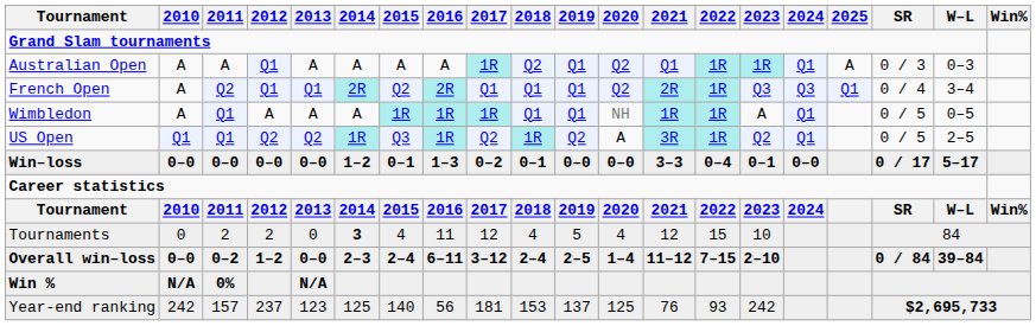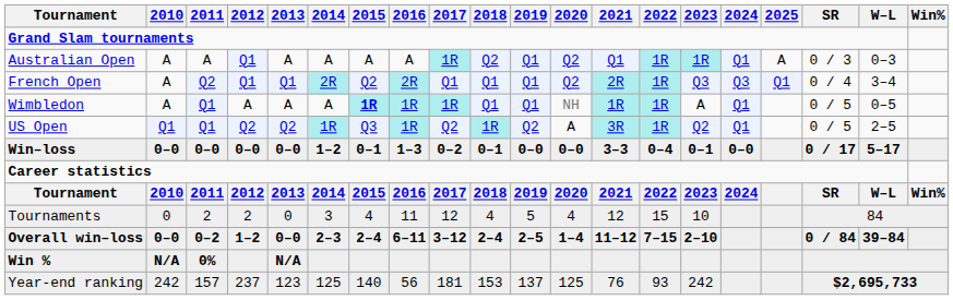 <table class=wikitable style=text-align:center;font-size:97%>
 <tr>
 <th>Tournament</th>
 <th><a href='#'>2010</a></th>
 <th><a href='#'>2011</a></th>
 <th><a href='#'>2012</a></th>
 <th><a href='#'>2013</a></th>
 <th><a href='#'>2014</a></th>
 <th><a href='#'>2015</a></th>
 <th><a href='#'>2016</a></th>
 <th><a href='#'>2017</a></th>
 <th><a href='#'>2018</a></th>
 <th><a href='#'>2019</a></th>
 <th><a href='#'>2020</a></th>
 <th><a href='#'>2021</a></th>
 <th><a href='#'>2022</a></th>
 <th><a href='#'>2023</a></th>
 <th><a href='#'>2024</a></th>
 <th><a href='#'>2025</a></th>
 <th>SR</th>
 <th>W–L</th>
 <th>Win%</th>
 </tr>
 <tr>
 <td colspan="19" style="text-align:left"><strong><a href='#'>Grand Slam tournaments</a></strong></td>
 </tr>
 <tr>
 <td align=left><a href='#'>Australian Open</a></td>
 <td>A</td>
 <td>A</td>
 <td bgcolor=ecf2ff><a href='#'>Q1</a></td>
 <td>A</td>
 <td>A</td>
 <td>A</td>
 <td>A</td>
 <td bgcolor=afeeee><a href='#'>1R</a></td>
 <td bgcolor=ecf2ff><a href='#'>Q2</a></td>
 <td bgcolor=ecf2ff><a href='#'>Q1</a></td>
 <td bgcolor=ecf2ff><a href='#'>Q2</a></td>
 <td bgcolor=ecf2ff><a href='#'>Q1</a></td>
 <td bgcolor=afeeee><a href='#'>1R</a></td>
 <td bgcolor=afeeee><a href='#'>1R</a></td>
 <td bgcolor=ecf2ff><a href='#'>Q1</a></td>
 <td>A</td>
 <td>0 / 3</td>
 <td>0–3</td>
 <td></td>
 </tr>
 <tr>
 <td align=left><a href='#'>French Open</a></td>
 <td>A</td>
 <td bgcolor=ecf2ff><a href='#'>Q2</a></td>
 <td bgcolor=ecf2ff><a href='#'>Q1</a></td>
 <td bgcolor=ecf2ff><a href='#'>Q1</a></td>
 <td bgcolor=afeeee><a href='#'>2R</a></td>
 <td bgcolor=ecf2ff><a href='#'>Q2</a></td>
 <td bgcolor=afeeee><a href='#'>2R</a></td>
 <td bgcolor=ecf2ff><a href='#'>Q1</a></td>
 <td bgcolor=ecf2ff><a href='#'>Q1</a></td>
 <td bgcolor=ecf2ff><a href='#'>Q1</a></td>
 <td bgcolor=ecf2ff><a href='#'>Q2</a></td>
 <td bgcolor=afeeee><a href='#'>2R</a></td>
 <td bgcolor=afeeee><a href='#'>1R</a></td>
 <td bgcolor=ecf2ff><a href='#'>Q3</a></td>
 <td bgcolor=ecf2ff><a href='#'>Q3</a></td>
 <td bgcolor=ecf2ff><a href='#'>Q1</a></td>
 <td>0 / 4</td>
 <td>3–4</td>
 <td></td>
 </tr>
 <tr>
 <td align=left><a href='#'>Wimbledon</a></td>
 <td>A</td>
 <td bgcolor=ecf2ff><a href='#'>Q1</a></td>
 <td>A</td>
 <td>A</td>
 <td>A</td>
-<td bgcolor=afeeee><a href='#'>1R</a></td>
+<td bgcolor=afeeee><strong><a href='#'>1R</a></strong></td>
 <td bgcolor=afeeee><a href='#'>1R</a></td>
 <td bgcolor=afeeee><a href='#'>1R</a></td>
 <td bgcolor=ecf2ff><a href='#'>Q1</a></td>
 <td bgcolor=ecf2ff><a href='#'>Q1</a></td>
 <td style=color:#767676>NH</td>
 <td bgcolor=afeeee><a href='#'>1R</a></td>
 <td bgcolor=afeeee><a href='#'>1R</a></td>
 <td>A</td>
 <td bgcolor=ecf2ff><a href='#'>Q1</a></td>
 <td></td>
 <td>0 / 5</td>
 <td>0–5</td>
 <td></td>
 </tr>
 <tr>
 <td align=left><a href='#'>US Open</a></td>
 <td bgcolor=ecf2ff><a href='#'>Q1</a></td>
 <td bgcolor=ecf2ff><a href='#'>Q1</a></td>
 <td bgcolor=ecf2ff><a href='#'>Q2</a></td>
 <td bgcolor=ecf2ff><a href='#'>Q2</a></td>
 <td bgcolor=afeeee><a href='#'>1R</a></td>
 <td bgcolor=ecf2ff><a href='#'>Q3</a></td>
 <td bgcolor=afeeee><a href='#'>1R</a></td>
 <td bgcolor=ecf2ff><a href='#'>Q2</a></td>
 <td bgcolor=afeeee><a href='#'>1R</a></td>
 <td bgcolor=ecf2ff><a href='#'>Q2</a></td>
 <td>A</td>
 <td bgcolor=afeeee><a href='#'>3R</a></td>
 <td bgcolor=afeeee><a href='#'>1R</a></td>
 <td bgcolor=ecf2ff><a href='#'>Q2</a></td>
 <td bgcolor=ecf2ff><a href='#'>Q1</a></td>
 <td></td>
 <td>0 / 5</td>
 <td>2–5</td>
 <td></td>
 </tr>
 <tr style=font-weight:bold;background:#efefef>
 <td style=text-align:left>Win–loss</td>
 <td>0–0</td>
 <td>0–0</td>
 <td>0–0</td>
 <td>0–0</td>
 <td>1–2</td>
 <td>0–1</td>
 <td>1–3</td>
 <td>0–2</td>
 <td>0–1</td>
 <td>0–0</td>
 <td>0–0</td>
 <td>3–3</td>
 <td>0–4</td>
 <td>0–1</td>
 <td>0–0</td>
 <td></td>
 <td>0 / 17</td>
 <td>5–17</td>
 <td></td>
 </tr>
 <tr>
 <td colspan="19" style="text-align:left"><strong>Career statistics</strong></td>
 </tr>
 <tr>
 <th>Tournament</th>
 <th><a href='#'>2010</a></th>
 <th><a href='#'>2011</a></th>
 <th><a href='#'>2012</a></th>
 <th><a href='#'>2013</a></th>
 <th><a href='#'>2014</a></th>
 <th><a href='#'>2015</a></th>
 <th><a href='#'>2016</a></th>
 <th><a href='#'>2017</a></th>
 <th><a href='#'>2018</a></th>
 <th><a href='#'>2019</a></th>
 <th><a href='#'>2020</a></th>
 <th><a href='#'>2021</a></th>
 <th><a href='#'>2022</a></th>
 <th><a href='#'>2023</a></th>
 <th><a href='#'>2024</a></th>
 <th></th>
 <th>SR</th>
 <th>W–L</th>
 <th>Win%</th>
 </tr>
 <tr bgcolor=efefef>
 <td align=left>Tournaments</td>
 <td>0</td>
 <td>2</td>
 <td>2</td>
 <td>0</td>
-<td><strong>3</strong></td>
+<td>3</td>
 <td>4</td>
 <td>11</td>
 <td>12</td>
 <td>4</td>
 <td>5</td>
 <td>4</td>
 <td>12</td>
 <td>15</td>
 <td>10</td>
 <td></td>
 <td></td>
 <td colspan="3">84</td>
 </tr>
 <tr style=font-weight:bold;background:#efefef>
 <td style=text-align:left>Overall win–loss</td>
 <td>0–0</td>
 <td>0–2</td>
 <td>1–2</td>
 <td>0–0</td>
 <td>2–3</td>
 <td>2–4</td>
 <td>6–11</td>
 <td>3–12</td>
 <td>2–4</td>
 <td>2–5</td>
 <td>1–4</td>
 <td>11–12</td>
 <td>7–15</td>
 <td>2–10</td>
 <td></td>
 <td></td>
 <td>0 / 84</td>
 <td>39–84</td>
 <td></td>
 </tr>
 <tr style="font-weight:bold;background:#efefef;">
 <td style=text-align:left>Win %</td>
 <td>N/A</td>
 <td>0%</td>
 <td></td>
 <td>N/A</td>
 <td></td>
 <td></td>
 <td></td>
 <td></td>
 <td></td>
 <td></td>
 <td></td>
 <td></td>
 <td></td>
 <td></td>
 <td></td>
 <td></td>
 <td colspan="3"></td>
 </tr>
 <tr bgcolor=efeefef>
 <td style=text-align:left>Year-end ranking</td>
 <td>242</td>
 <td>157</td>
 <td>237</td>
 <td>123</td>
 <td>125</td>
 <td>140</td>
 <td>56</td>
 <td>181</td>
 <td>153</td>
 <td>137</td>
 <td>125</td>
 <td>76</td>
 <td>93</td>
 <td>242</td>
 <td></td>
 <td></td>
 <td colspan="3"><strong>$2,695,733</strong></td>
 </tr>
 </table>
